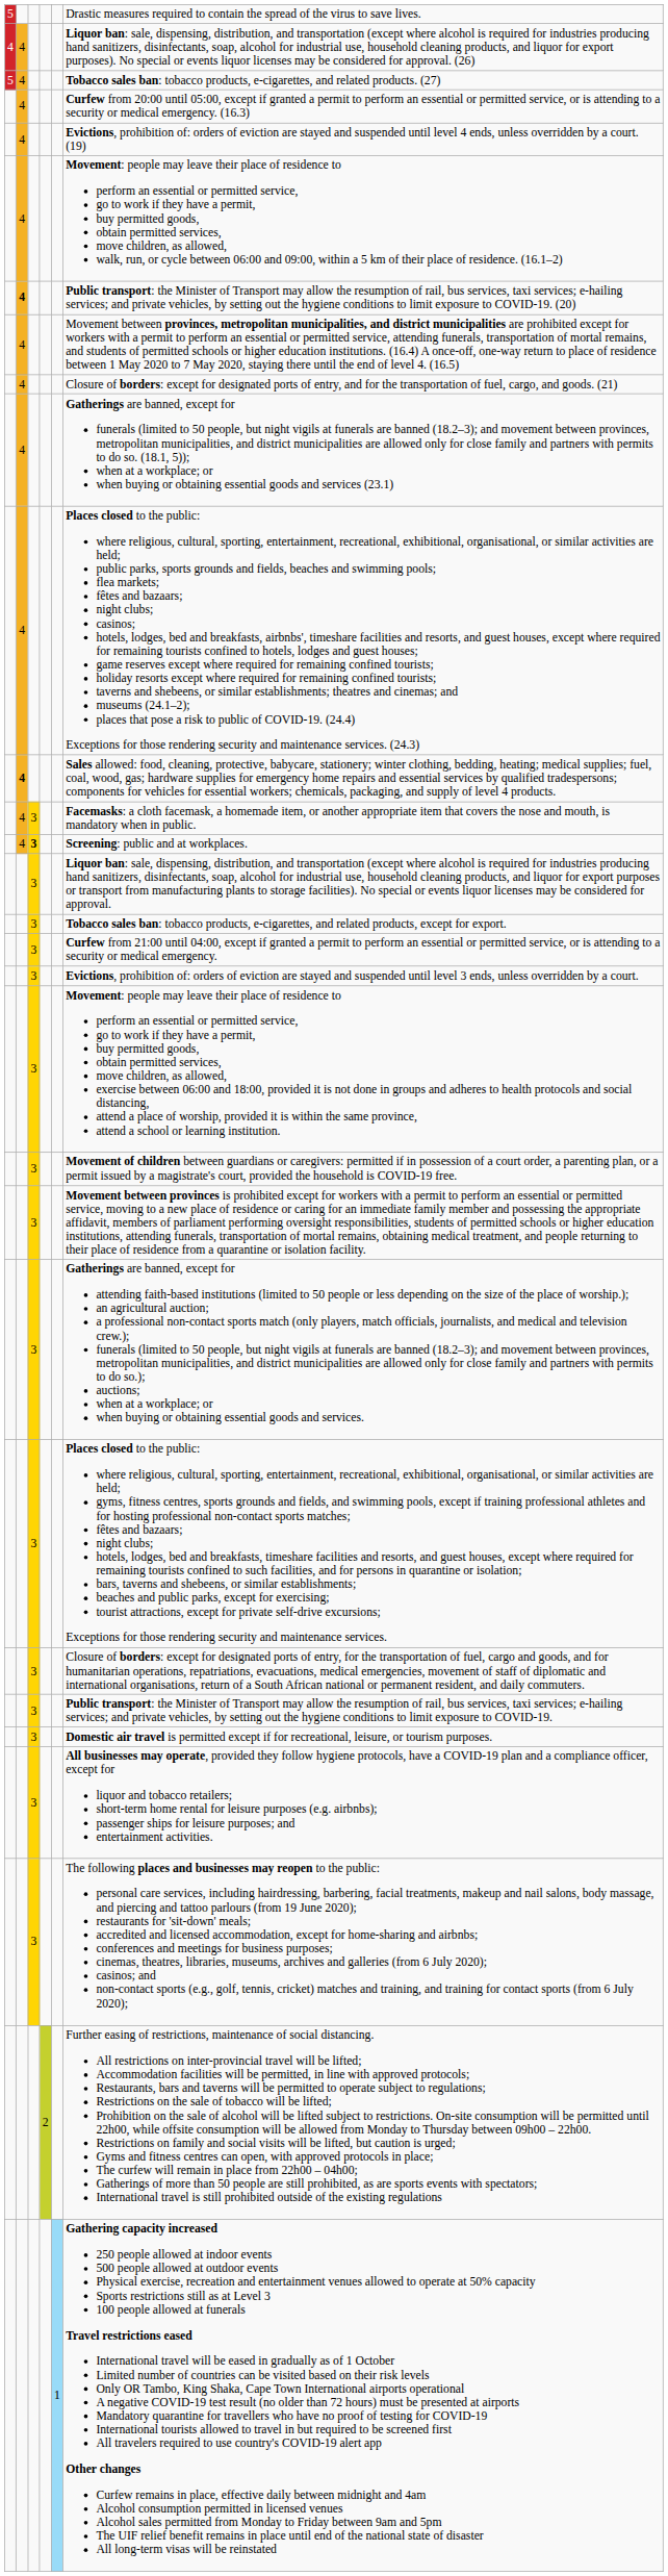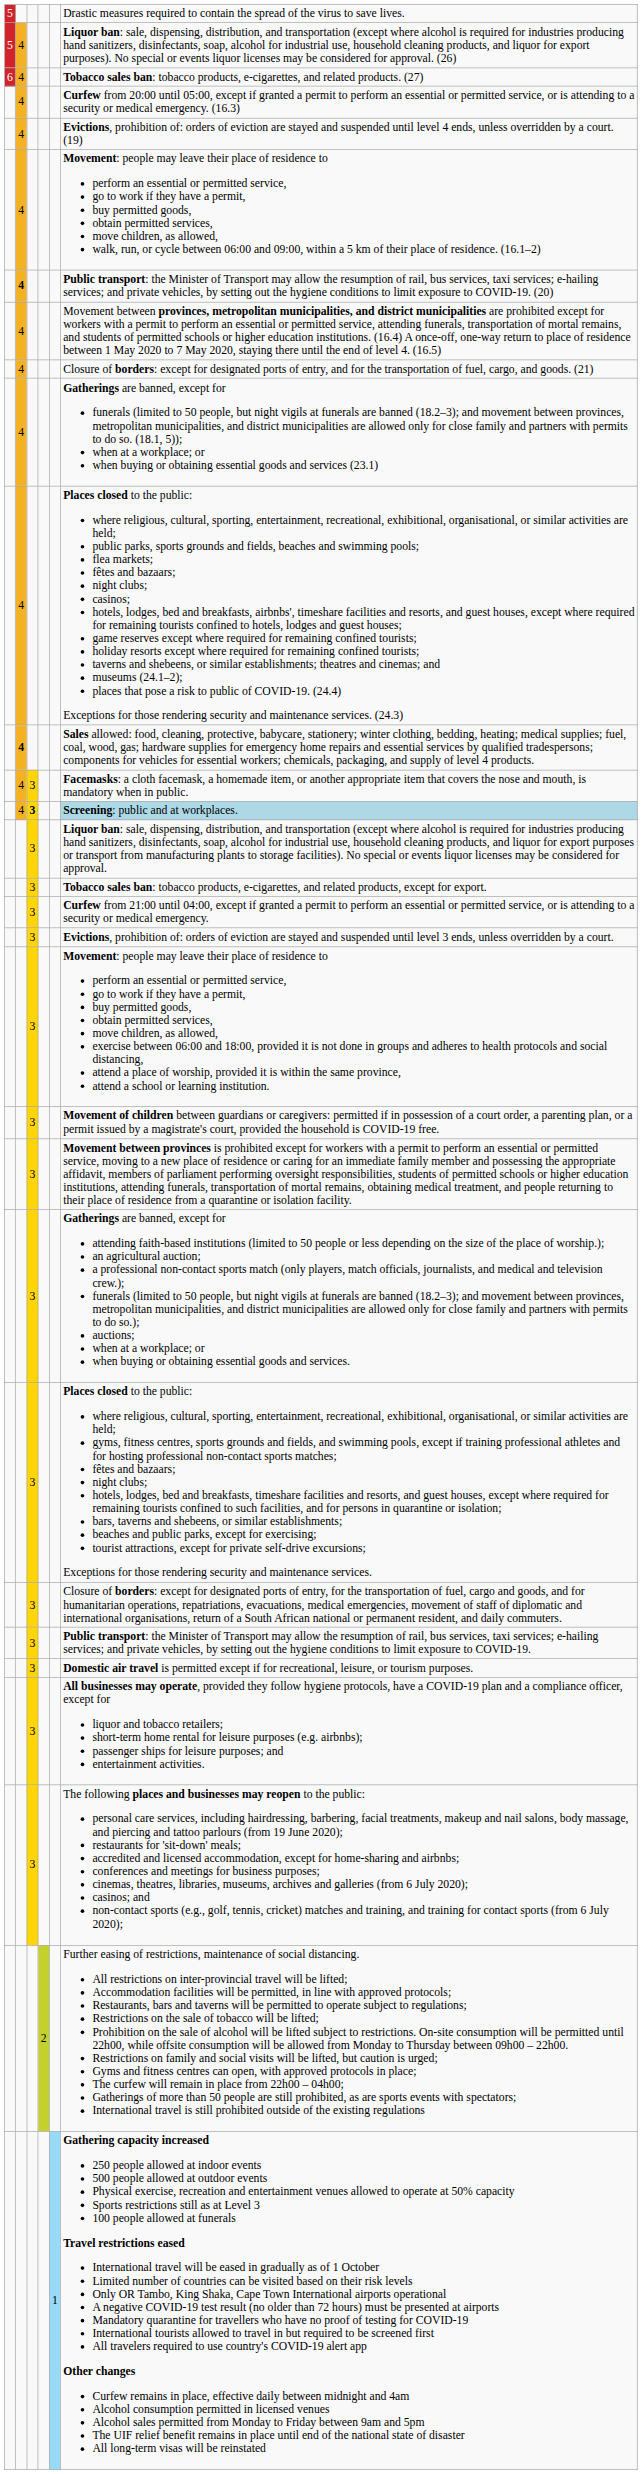 <table class="wikitable" style="text-align: left;">
 <tr>
 <td style="background:#d2232a;color:#ffffff;">5</td>
 <td></td>
 <td></td>
 <td></td>
 <td></td>
 <td>Drastic measures required to contain the spread of the virus to save lives.</td>
 </tr>
 <tr>
-<td style="background:#d2232a;color:#ffffff;">4</td>
+<td style="background:#d2232a;color:#ffffff;">5</td>
 <td style="background:#f4b124;">4</td>
 <td></td>
 <td></td>
 <td></td>
 <td><strong>Liquor ban</strong>: sale, dispensing, distribution, and transportation (except where alcohol is required for industries producing hand sanitizers, disinfectants, soap, alcohol for industrial use, household cleaning products, and liquor for export purposes). No special or events liquor licenses may be considered for approval. (26)</td>
 </tr>
 <tr>
-<td style="background:#d2232a;color:#ffffff;">5</td>
+<td style="background:#d2232a;color:#ffffff;">6</td>
 <td style="background:#f4b124;">4</td>
 <td></td>
 <td></td>
 <td></td>
 <td><strong>Tobacco sales ban</strong>: tobacco products, e-cigarettes, and related products. (27)</td>
 </tr>
 <tr>
 <td></td>
 <td style="background:#f4b124;">4</td>
 <td></td>
 <td></td>
 <td></td>
 <td><strong>Curfew</strong> from 20:00 until 05:00, except if granted a permit to perform an essential or permitted service, or is attending to a security or medical emergency. (16.3)</td>
 </tr>
 <tr>
 <td></td>
 <td style="background:#f4b124;">4</td>
 <td></td>
 <td></td>
 <td></td>
 <td><strong>Evictions</strong>, prohibition of: orders of eviction are stayed and suspended until level 4 ends, unless overridden by a court. (19)</td>
 </tr>
 <tr>
 <td></td>
 <td style="background:#f4b124;">4</td>
 <td></td>
 <td></td>
 <td></td>
 <td><strong>Movement</strong>: people may leave their place of residence to<br><ul><li>perform an essential or permitted service,</li><li>go to work if they have a permit,</li><li>buy permitted goods,</li><li>obtain permitted services,</li><li>move children, as allowed,</li><li>walk, run, or cycle between 06:00 and 09:00, within a 5 km of their place of residence. (16.1–2)</li></ul></td>
 </tr>
 <tr>
 <td></td>
 <td style="background:#f4b124;"><strong>4</strong></td>
 <td></td>
 <td></td>
 <td></td>
 <td><strong>Public transport</strong>: the Minister of Transport may allow the resumption of rail, bus services, taxi services; e-hailing services; and private vehicles, by setting out the hygiene conditions to limit exposure to COVID-19. (20)</td>
 </tr>
 <tr>
 <td></td>
 <td style="background:#f4b124;">4</td>
 <td></td>
 <td></td>
 <td></td>
 <td>Movement between <strong>provinces, metropolitan municipalities, and district municipalities</strong> are prohibited except for workers with a permit to perform an essential or permitted service, attending funerals, transportation of mortal remains, and students of permitted schools or higher education institutions. (16.4) A once-off, one-way return to place of residence between 1 May 2020 to 7 May 2020, staying there until the end of level 4. (16.5)</td>
 </tr>
 <tr>
 <td></td>
 <td style="background:#f4b124;">4</td>
 <td></td>
 <td></td>
 <td></td>
 <td>Closure of <strong>borders</strong>: except for designated ports of entry, and for the transportation of fuel, cargo, and goods. (21)</td>
 </tr>
 <tr>
 <td></td>
 <td style="background:#f4b124;">4</td>
 <td></td>
 <td></td>
 <td></td>
 <td><strong>Gatherings</strong> are banned, except for<br><ul><li>funerals (limited to 50 people, but night vigils at funerals are banned (18.2–3); and movement between provinces, metropolitan municipalities, and district municipalities are allowed only for close family and partners with permits to do so. (18.1, 5));</li><li>when at a workplace; or</li><li>when buying or obtaining essential goods and services (23.1)</li></ul></td>
 </tr>
 <tr>
 <td></td>
 <td style="background:#f4b124;">4</td>
 <td></td>
 <td></td>
 <td></td>
 <td><strong>Places closed</strong> to the public:<br><ul><li>where religious, cultural, sporting, entertainment, recreational, exhibitional, organisational, or similar activities are held;</li><li>public parks, sports grounds and fields, beaches and swimming pools;</li><li>flea markets;</li><li>fêtes and bazaars;</li><li>night clubs;</li><li>casinos;</li><li>hotels, lodges, bed and breakfasts, airbnbs', timeshare facilities and resorts, and guest houses, except where required for remaining tourists confined to hotels, lodges and guest houses;</li><li>game reserves except where required for remaining confined tourists;</li><li>holiday resorts except where required for remaining confined tourists;</li><li>taverns and shebeens, or similar establishments; theatres and cinemas; and</li><li>museums (24.1–2);</li><li>places that pose a risk to public of COVID-19. (24.4)</li></ul>Exceptions for those rendering security and maintenance services. (24.3)</td>
 </tr>
 <tr>
 <td></td>
 <td style="background:#f4b124;"><strong>4</strong></td>
 <td></td>
 <td></td>
 <td></td>
 <td><strong>Sales</strong> allowed: food, cleaning, protective, babycare, stationery; winter clothing, bedding, heating; medical supplies; fuel, coal, wood, gas; hardware supplies for emergency home repairs and essential services by qualified tradespersons; components for vehicles for essential workers; chemicals, packaging, and supply of level 4 products.</td>
 </tr>
 <tr>
 <td></td>
 <td style="background:#f4b124;">4</td>
 <td style="background:#ffd504;">3</td>
 <td></td>
 <td></td>
 <td><strong>Facemasks</strong>: a cloth facemask, a homemade item, or another appropriate item that covers the nose and mouth, is mandatory when in public.</td>
 </tr>
 <tr>
 <td></td>
 <td style="background:#f4b124;">4</td>
 <td style="background:#ffd504;"><strong>3</strong></td>
 <td></td>
 <td></td>
-<td><strong>Screening</strong>: public and at workplaces.</td>
+<td style="background: lightblue;"><strong>Screening</strong>: public and at workplaces.</td>
 </tr>
 <tr>
 <td></td>
 <td></td>
 <td style="background:#ffd504;">3</td>
 <td></td>
 <td></td>
 <td><strong>Liquor ban</strong>: sale, dispensing, distribution, and transportation (except where alcohol is required for industries producing hand sanitizers, disinfectants, soap, alcohol for industrial use, household cleaning products, and liquor for export purposes or transport from manufacturing plants to storage facilities). No special or events liquor licenses may be considered for approval.</td>
 </tr>
 <tr>
 <td></td>
 <td></td>
 <td style="background:#ffd504;">3</td>
 <td></td>
 <td></td>
 <td><strong>Tobacco sales ban</strong>: tobacco products, e-cigarettes, and related products, except for export.</td>
 </tr>
 <tr>
 <td></td>
 <td></td>
 <td style="background:#ffd504;">3</td>
 <td></td>
 <td></td>
 <td><strong>Curfew</strong> from 21:00 until 04:00, except if granted a permit to perform an essential or permitted service, or is attending to a security or medical emergency.</td>
 </tr>
 <tr>
 <td></td>
 <td></td>
 <td style="background:#ffd504;">3</td>
 <td></td>
 <td></td>
 <td><strong>Evictions</strong>, prohibition of: orders of eviction are stayed and suspended until level 3 ends, unless overridden by a court.</td>
 </tr>
 <tr>
 <td></td>
 <td></td>
 <td style="background:#ffd504;">3</td>
 <td></td>
 <td></td>
 <td><strong>Movement</strong>: people may leave their place of residence to<br><ul><li>perform an essential or permitted service,</li><li>go to work if they have a permit,</li><li>buy permitted goods,</li><li>obtain permitted services,</li><li>move children, as allowed,</li><li>exercise between 06:00 and 18:00, provided it is not done in groups and adheres to health protocols and social distancing,</li><li>attend a place of worship, provided it is within the same province,</li><li>attend a school or learning institution.</li></ul></td>
 </tr>
 <tr>
 <td></td>
 <td></td>
 <td style="background:#ffd504;">3</td>
 <td></td>
 <td></td>
 <td><strong>Movement of children</strong> between guardians or caregivers: permitted if in possession of a court order, a parenting plan, or a permit issued by a magistrate's court, provided the household is COVID-19 free.</td>
 </tr>
 <tr>
 <td></td>
 <td></td>
 <td style="background:#ffd504;">3</td>
 <td></td>
 <td></td>
 <td><strong>Movement between provinces</strong> is prohibited except for workers with a permit to perform an essential or permitted service, moving to a new place of residence or caring for an immediate family member and possessing the appropriate affidavit, members of parliament performing oversight responsibilities, students of permitted schools or higher education institutions, attending funerals, transportation of mortal remains, obtaining medical treatment, and people returning to their place of residence from a quarantine or isolation facility.</td>
 </tr>
 <tr>
 <td></td>
 <td></td>
 <td style="background:#ffd504;">3</td>
 <td></td>
 <td></td>
 <td><strong>Gatherings</strong> are banned, except for<br><ul><li>attending faith-based institutions (limited to 50 people or less depending on the size of the place of worship.);</li><li>an agricultural auction;</li><li>a professional non-contact sports match (only players, match officials, journalists, and medical and television crew.);</li><li>funerals (limited to 50 people, but night vigils at funerals are banned (18.2–3); and movement between provinces, metropolitan municipalities, and district municipalities are allowed only for close family and partners with permits to do so.);</li><li>auctions;</li><li>when at a workplace; or</li><li>when buying or obtaining essential goods and services.</li></ul></td>
 </tr>
 <tr>
 <td></td>
 <td></td>
 <td style="background:#ffd504;">3</td>
 <td></td>
 <td></td>
 <td><strong>Places closed</strong> to the public:<br><ul><li>where religious, cultural, sporting, entertainment, recreational, exhibitional, organisational, or similar activities are held;</li><li>gyms, fitness centres, sports grounds and fields, and swimming pools, except if training professional athletes and for hosting professional non-contact sports matches;</li><li>fêtes and bazaars;</li><li>night clubs;</li><li>hotels, lodges, bed and breakfasts, timeshare facilities and resorts, and guest houses, except where required for remaining tourists confined to such facilities, and for persons in quarantine or isolation;</li><li>bars, taverns and shebeens, or similar establishments;</li><li>beaches and public parks, except for exercising;</li><li>tourist attractions, except for private self-drive excursions;</li></ul>Exceptions for those rendering security and maintenance services.</td>
 </tr>
 <tr>
 <td></td>
 <td></td>
 <td style="background:#ffd504;">3</td>
 <td></td>
 <td></td>
 <td>Closure of <strong>borders</strong>: except for designated ports of entry, for the transportation of fuel, cargo and goods, and for humanitarian operations, repatriations, evacuations, medical emergencies, movement of staff of diplomatic and international organisations, return of a South African national or permanent resident, and daily commuters.</td>
 </tr>
 <tr>
 <td></td>
 <td></td>
 <td style="background:#ffd504;">3</td>
 <td></td>
 <td></td>
 <td><strong>Public transport</strong>: the Minister of Transport may allow the resumption of rail, bus services, taxi services; e-hailing services; and private vehicles, by setting out the hygiene conditions to limit exposure to COVID-19.</td>
 </tr>
 <tr>
 <td></td>
 <td></td>
 <td style="background:#ffd504;">3</td>
 <td></td>
 <td></td>
 <td><strong>Domestic air travel</strong> is permitted except if for recreational, leisure, or tourism purposes.</td>
 </tr>
 <tr>
 <td></td>
 <td></td>
 <td style="background:#ffd504;">3</td>
 <td></td>
 <td></td>
 <td><strong>All businesses may operate</strong>, provided they follow hygiene protocols, have a COVID-19 plan and a compliance officer, except for<br><ul><li>liquor and tobacco retailers;</li><li>short-term home rental for leisure purposes (e.g. airbnbs);</li><li>passenger ships for leisure purposes; and</li><li>entertainment activities.</li></ul></td>
 </tr>
 <tr>
 <td></td>
 <td></td>
 <td style="background:#ffd504;">3</td>
 <td></td>
 <td></td>
 <td>The following <strong>places and businesses may reopen</strong> to the public:<br><ul><li>personal care services, including hairdressing, barbering, facial treatments, makeup and nail salons, body massage, and piercing and tattoo parlours (from 19 June 2020);</li><li>restaurants for 'sit-down' meals;</li><li>accredited and licensed accommodation, except for home-sharing and airbnbs;</li><li>conferences and meetings for business purposes;</li><li>cinemas, theatres, libraries, museums, archives and galleries (from 6 July 2020);</li><li>casinos; and</li><li>non-contact sports (e.g., golf, tennis, cricket) matches and training, and training for contact sports (from 6 July 2020);</li></ul></td>
 </tr>
 <tr>
 <td></td>
 <td></td>
 <td></td>
 <td style="background:#c4d02e;">2</td>
 <td></td>
 <td>Further easing of restrictions, maintenance of social distancing.<br><ul><li>All restrictions on inter-provincial travel will be lifted;</li><li>Accommodation facilities will be permitted, in line with approved protocols;</li><li>Restaurants, bars and taverns will be permitted to operate subject to regulations;</li><li>Restrictions on the sale of tobacco will be lifted;</li><li>Prohibition on the sale of alcohol will be lifted subject to restrictions. On-site consumption will be permitted until 22h00, while offsite consumption will be allowed from Monday to Thursday between 09h00 – 22h00.</li><li>Restrictions on family and social visits will be lifted, but caution is urged;</li><li>Gyms and fitness centres can open, with approved protocols in place;</li><li>The curfew will remain in place from 22h00 – 04h00;</li><li>Gatherings of more than 50 people are still prohibited, as are sports events with spectators;</li><li>International travel is still prohibited outside of the existing regulations</li></ul></td>
 </tr>
 <tr>
 <td></td>
 <td></td>
 <td></td>
 <td></td>
 <td style="background:#98dbf8;">1</td>
 <td><strong>Gathering capacity increased</strong><br><ul><li>250 people allowed at indoor events</li><li>500 people allowed at outdoor events</li><li>Physical exercise, recreation and entertainment venues allowed to operate at 50% capacity</li><li>Sports restrictions still as at Level 3</li><li>100 people allowed at funerals</li></ul><strong>Travel restrictions eased</strong><ul><li>International travel will be eased in gradually as of 1 October</li><li>Limited number of countries can be visited based on their risk levels</li><li>Only OR Tambo, King Shaka, Cape Town International airports operational</li><li>A negative COVID-19 test result (no older than 72 hours) must be presented at airports</li><li>Mandatory quarantine for travellers who have no proof of testing for COVID-19</li><li>International tourists allowed to travel in but required to be screened first</li><li>All travelers required to use country's COVID-19 alert app</li></ul><strong>Other changes</strong><ul><li>Curfew remains in place, effective daily between midnight and 4am</li><li>Alcohol consumption permitted in licensed venues</li><li>Alcohol sales permitted from Monday to Friday between 9am and 5pm</li><li>The UIF relief benefit remains in place until end of the national state of disaster</li><li>All long-term visas will be reinstated</li></ul></td>
 </tr>
 </table>
